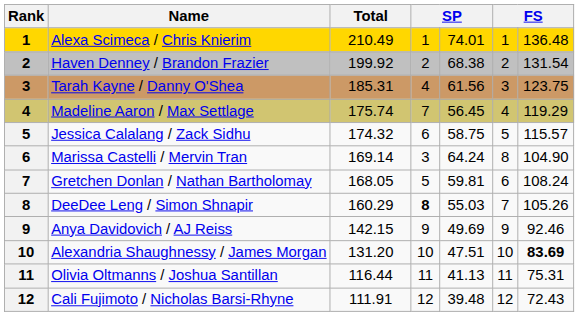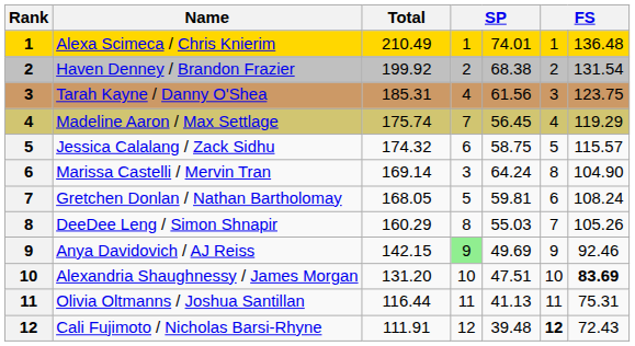 <table class="wikitable sortable">
 <tr>
 <th>Rank</th>
 <th>Name</th>
 <th width="80px">Total</th>
 <th colspan="2" width="80px"><a href='#'>SP</a></th>
 <th colspan="2" width="80px"><a href='#'>FS</a></th>
 </tr>
 <tr bgcolor="gold">
 <td align="center"><strong>1</strong></td>
 <td><a href='#'>Alexa Scimeca</a> / <a href='#'>Chris Knierim</a></td>
 <td align="center">210.49</td>
 <td align="center">1</td>
 <td align="center">74.01</td>
 <td align="center">1</td>
 <td align="center">136.48</td>
 </tr>
 <tr bgcolor="silver">
 <td align="center"><strong>2</strong></td>
 <td><a href='#'>Haven Denney</a> / <a href='#'>Brandon Frazier</a></td>
 <td align="center">199.92</td>
 <td align="center">2</td>
 <td align="center">68.38</td>
 <td align="center">2</td>
 <td align="center">131.54</td>
 </tr>
 <tr bgcolor="cc9966">
 <td align="center"><strong>3</strong></td>
 <td><a href='#'>Tarah Kayne</a> / <a href='#'>Danny O'Shea</a></td>
 <td align="center">185.31</td>
 <td align="center">4</td>
 <td align="center">61.56</td>
 <td align="center">3</td>
 <td align="center">123.75</td>
 </tr>
 <tr bgcolor="#d1c571">
 <td align="center"><strong>4</strong></td>
 <td><a href='#'>Madeline Aaron</a> / <a href='#'>Max Settlage</a></td>
 <td align="center">175.74</td>
 <td align="center">7</td>
 <td align="center">56.45</td>
 <td align="center">4</td>
 <td align="center">119.29</td>
 </tr>
 <tr>
 <th>5</th>
 <td><a href='#'>Jessica Calalang</a> / <a href='#'>Zack Sidhu</a></td>
 <td align="center">174.32</td>
 <td align="center">6</td>
 <td align="center">58.75</td>
 <td align="center">5</td>
 <td align="center">115.57</td>
 </tr>
 <tr>
 <th>6</th>
 <td><a href='#'>Marissa Castelli</a> / <a href='#'>Mervin Tran</a></td>
 <td align="center">169.14</td>
 <td align="center">3</td>
 <td align="center">64.24</td>
 <td align="center">8</td>
 <td align="center">104.90</td>
 </tr>
 <tr>
 <th>7</th>
 <td><a href='#'>Gretchen Donlan</a> / <a href='#'>Nathan Bartholomay</a></td>
 <td align="center">168.05</td>
 <td align="center">5</td>
 <td align="center">59.81</td>
 <td align="center">6</td>
 <td align="center">108.24</td>
 </tr>
 <tr>
 <th>8</th>
 <td><a href='#'>DeeDee Leng</a> / <a href='#'>Simon Shnapir</a></td>
 <td align="center">160.29</td>
-<td align="center"><strong>8</strong></td>
+<td align="center">8</td>
 <td align="center">55.03</td>
 <td align="center">7</td>
 <td align="center">105.26</td>
 </tr>
 <tr>
 <th>9</th>
 <td><a href='#'>Anya Davidovich</a> / <a href='#'>AJ Reiss</a></td>
 <td align="center">142.15</td>
-<td align="center">9</td>
+<td align="center" style="background: lightgreen;">9</td>
 <td align="center">49.69</td>
 <td align="center">9</td>
 <td align="center">92.46</td>
 </tr>
 <tr>
 <th>10</th>
 <td><a href='#'>Alexandria Shaughnessy</a> / <a href='#'>James Morgan</a></td>
 <td align="center">131.20</td>
 <td align="center">10</td>
 <td align="center">47.51</td>
 <td align="center">10</td>
 <td align="center"><strong>83.69</strong></td>
 </tr>
 <tr>
 <th>11</th>
 <td><a href='#'>Olivia Oltmanns</a> / <a href='#'>Joshua Santillan</a></td>
 <td align="center">116.44</td>
 <td align="center">11</td>
 <td align="center">41.13</td>
 <td align="center">11</td>
 <td align="center">75.31</td>
 </tr>
 <tr>
 <th>12</th>
 <td><a href='#'>Cali Fujimoto</a> / <a href='#'>Nicholas Barsi-Rhyne</a></td>
 <td align="center">111.91</td>
 <td align="center">12</td>
 <td align="center">39.48</td>
-<td align="center">12</td>
+<td align="center"><strong>12</strong></td>
 <td align="center">72.43</td>
 </tr>
 </table>
